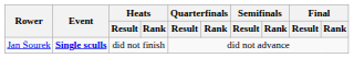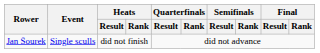 <table class=wikitable style="font-size:90%">
 <tr>
 <th rowspan=2>Rower</th>
 <th rowspan=2>Event</th>
 <th colspan=2>Heats</th>
 <th colspan=2>Quarterfinals</th>
 <th colspan=2>Semifinals</th>
 <th colspan=2>Final</th>
 </tr>
 <tr>
 <th>Result</th>
 <th>Rank</th>
 <th>Result</th>
 <th>Rank</th>
 <th>Result</th>
 <th>Rank</th>
 <th>Result</th>
 <th>Rank</th>
 </tr>
 <tr>
 <td><a href='#'>Jan Šourek</a></td>
-<td><strong><a href='#'>Single sculls</a></strong></td>
+<td><a href='#'>Single sculls</a></td>
 <td align=center colspan=2>did not finish</td>
 <td align=center colspan=6>did not advance</td>
 </tr>
 </table>
